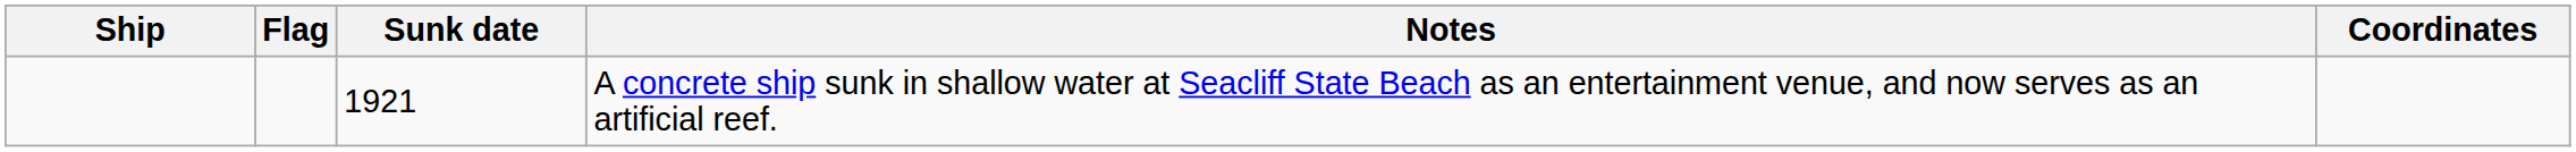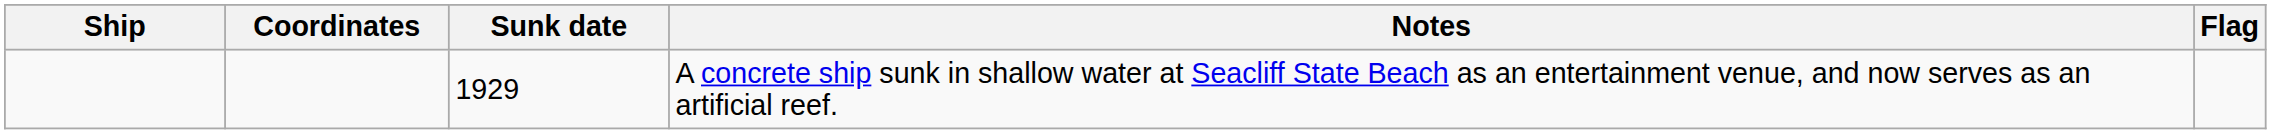 <table class=wikitable | style = "width:100%">
 <tr>
 <th style="width:10%">Ship</th>
-<th>Flag</th>
+<th style="width:10%">Coordinates</th>
 <th style="width:10%">Sunk date</th>
 <th style="width:70%">Notes</th>
-<th style="width:10%">Coordinates</th>
+<th>Flag</th>
 </tr>
 <tr>
 <td></td>
 <td></td>
-<td>1921</td>
+<td>1929</td>
 <td>A <a href='#'>concrete ship</a> sunk in shallow water at <a href='#'>Seacliff State Beach</a> as an entertainment venue, and now serves as an artificial reef.</td>
 <td></td>
 </tr>
 </table>
